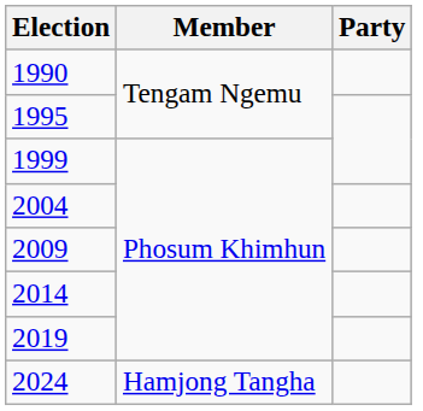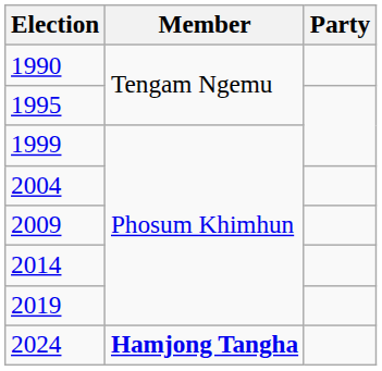 <table class="wikitable sortable">
 <tr>
 <th>Election</th>
 <th>Member</th>
 <th colspan=2>Party</th>
 </tr>
 <tr>
 <td><a href='#'>1990</a></td>
 <td rowspan=2>Tengam Ngemu</td>
 <td></td>
 </tr>
 <tr>
 <td><a href='#'>1995</a></td>
 </tr>
 <tr>
 <td><a href='#'>1999</a></td>
 <td rowspan=5><a href='#'>Phosum Khimhun</a></td>
 </tr>
 <tr>
 <td><a href='#'>2004</a></td>
 <td></td>
 </tr>
 <tr>
 <td><a href='#'>2009</a></td>
 <td></td>
 </tr>
 <tr>
 <td><a href='#'>2014</a></td>
 </tr>
 <tr>
 <td><a href='#'>2019</a></td>
 <td></td>
 </tr>
 <tr>
 <td><a href='#'>2024</a></td>
-<td><a href='#'>Hamjong Tangha</a></td>
+<td><strong><a href='#'>Hamjong Tangha</a></strong></td>
 </tr>
 </table>
